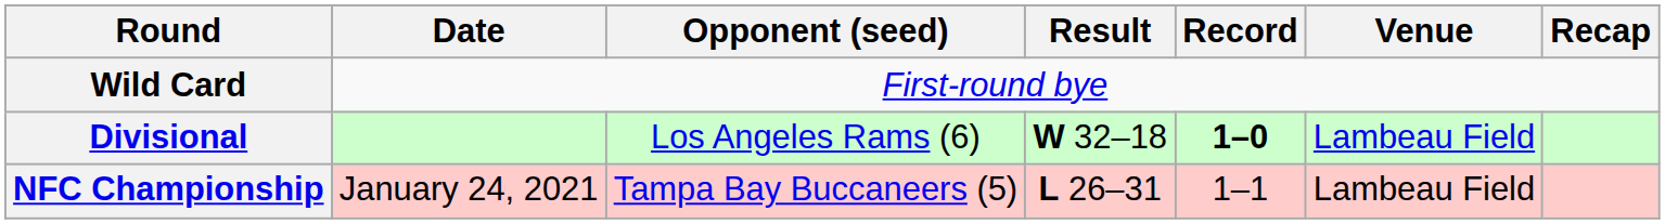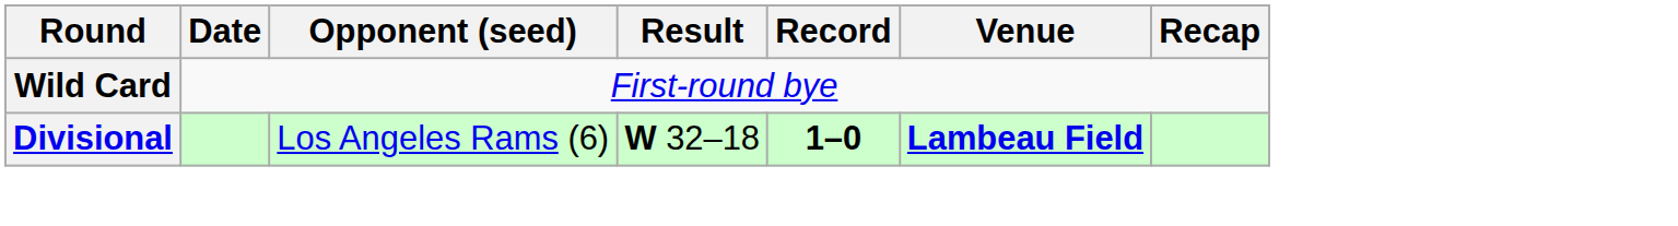 <table class="wikitable" style="text-align:center">
 <tr>
 <th>Round</th>
 <th>Date</th>
 <th>Opponent (seed)</th>
 <th>Result</th>
 <th>Record</th>
 <th>Venue</th>
 <th>Recap</th>
 </tr>
 <tr>
 <th>Wild Card</th>
 <td colspan="6"><em><a href='#'>First-round bye</a></em></td>
 </tr>
 <tr style="background:#cfc">
 <th><a href='#'>Divisional</a></th>
 <td></td>
 <td><a href='#'>Los Angeles Rams</a> (6)</td>
 <td><strong>W</strong> 32–18</td>
 <td><strong>1–0</strong></td>
-<td><a href='#'>Lambeau Field</a></td>
-<td></td>
-</tr>
-<tr style="background:#fcc">
-<th><a href='#'>NFC Championship</a></th>
-<td>January 24, 2021</td>
-<td><a href='#'>Tampa Bay Buccaneers</a> (5)</td>
-<td><strong>L</strong> 26–31</td>
-<td>1–1</td>
-<td>Lambeau Field</td>
+<td><strong><a href='#'>Lambeau Field</a></strong></td>
 <td></td>
 </tr>
 </table>
